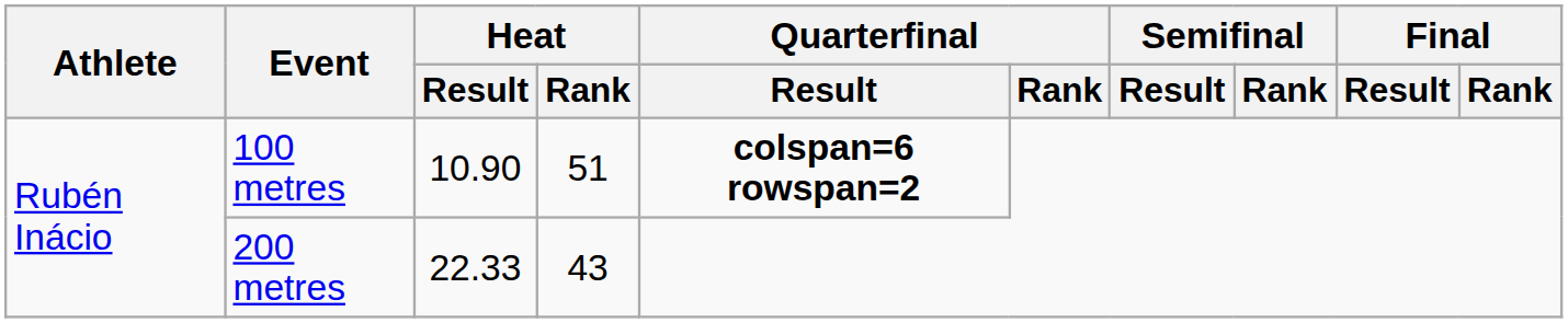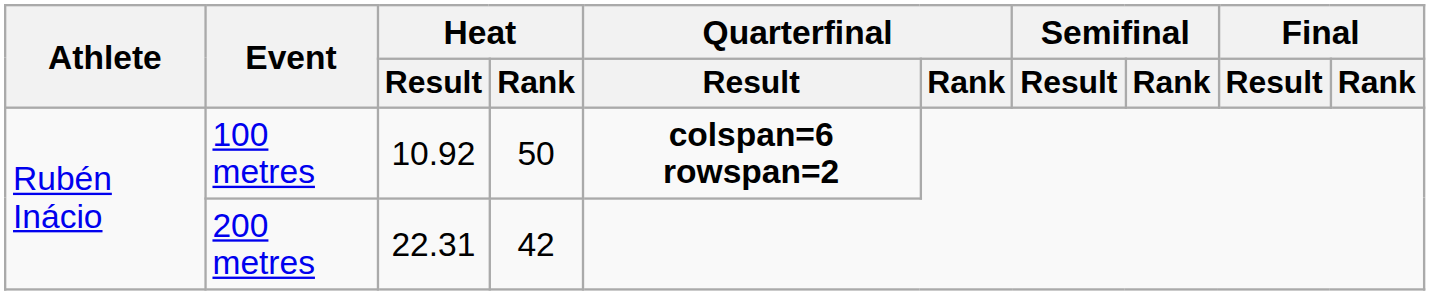 <table class=wikitable style=font-size:90%>
 <tr>
 <th rowspan=2>Athlete</th>
 <th rowspan=2>Event</th>
 <th colspan=2>Heat</th>
 <th colspan=2>Quarterfinal</th>
 <th colspan=2>Semifinal</th>
 <th colspan=2>Final</th>
 </tr>
 <tr style=font-size:95%>
 <th>Result</th>
 <th>Rank</th>
 <th>Result</th>
 <th>Rank</th>
 <th>Result</th>
 <th>Rank</th>
 <th>Result</th>
 <th>Rank</th>
 </tr>
 <tr align=center>
 <td align=left rowspan=2><a href='#'>Rubén Inácio</a></td>
 <td align=left><a href='#'>100 metres</a></td>
-<td>10.90</td>
-<td>51</td>
+<td>10.92</td>
+<td>50</td>
 <td><strong>colspan=6 rowspan=2 </strong></td>
 </tr>
 <tr align=center>
 <td align=left><a href='#'>200 metres</a></td>
-<td>22.33</td>
-<td>43</td>
+<td>22.31</td>
+<td>42</td>
 </tr>
 </table>
